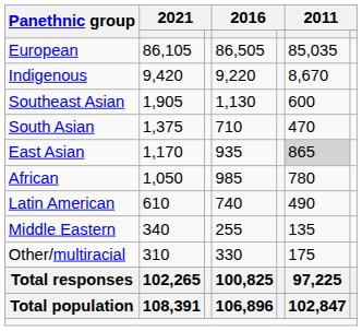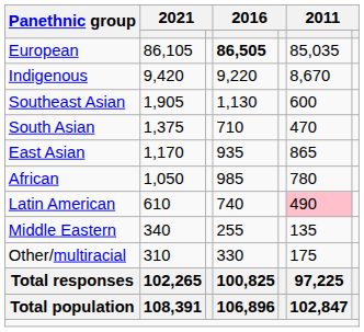 <table class="wikitable collapsible sortable">
 <tr>
 <th rowspan="2"><a href='#'>Panethnic</a> group</th>
 <th colspan="2">2021</th>
 <th colspan="2">2016</th>
 <th colspan="2">2011</th>
 </tr>
 <tr>
 <th><a href='#'></a></th>
 <th></th>
 <th></th>
 <th></th>
 <th></th>
 <th></th>
 </tr>
 <tr>
 <td><a href='#'>European</a></td>
 <td>86,105</td>
 <td></td>
-<td>86,505</td>
+<td><strong>86,505</strong></td>
 <td></td>
 <td>85,035</td>
 <td></td>
 </tr>
 <tr>
 <td><a href='#'>Indigenous</a></td>
 <td>9,420</td>
 <td></td>
 <td>9,220</td>
 <td></td>
 <td>8,670</td>
 <td></td>
 </tr>
 <tr>
 <td><a href='#'>Southeast Asian</a></td>
 <td>1,905</td>
 <td></td>
 <td>1,130</td>
 <td></td>
 <td>600</td>
 <td></td>
 </tr>
 <tr>
 <td><a href='#'>South Asian</a></td>
 <td>1,375</td>
 <td></td>
 <td>710</td>
 <td></td>
 <td>470</td>
 <td></td>
 </tr>
 <tr>
 <td><a href='#'>East Asian</a></td>
 <td>1,170</td>
 <td></td>
 <td>935</td>
 <td></td>
-<td style="background: lightgrey;">865</td>
+<td>865</td>
 <td></td>
 </tr>
 <tr>
 <td><a href='#'>African</a></td>
 <td>1,050</td>
 <td></td>
 <td>985</td>
 <td></td>
 <td>780</td>
 <td></td>
 </tr>
 <tr>
 <td><a href='#'>Latin American</a></td>
 <td>610</td>
 <td></td>
 <td>740</td>
 <td></td>
-<td>490</td>
+<td style="background: pink;">490</td>
 <td></td>
 </tr>
 <tr>
 <td><a href='#'>Middle Eastern</a></td>
 <td>340</td>
 <td></td>
 <td>255</td>
 <td></td>
 <td>135</td>
 <td></td>
 </tr>
 <tr>
 <td>Other/<a href='#'>multiracial</a></td>
 <td>310</td>
 <td></td>
 <td>330</td>
 <td></td>
 <td>175</td>
 <td></td>
 </tr>
 <tr>
 <th>Total responses</th>
 <th>102,265</th>
 <th></th>
 <th>100,825</th>
 <th></th>
 <th>97,225</th>
 <th></th>
 </tr>
 <tr class="sortbottom">
 <th>Total population</th>
 <th>108,391</th>
 <th></th>
 <th>106,896</th>
 <th></th>
 <th>102,847</th>
 <th></th>
 </tr>
 <tr class="sortbottom">
 <td colspan="15"></td>
 </tr>
 </table>
